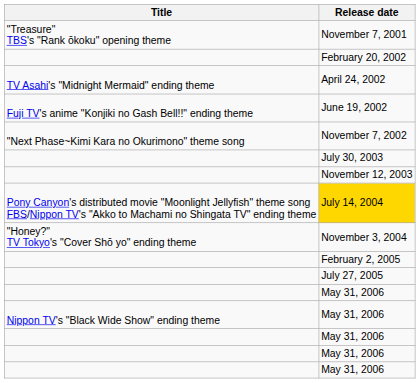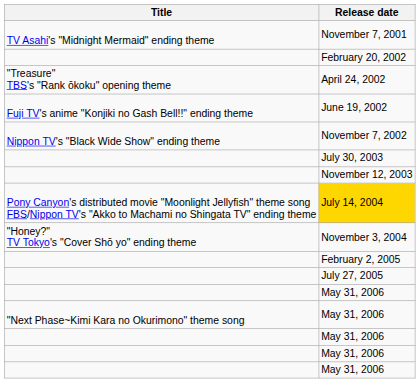 <table class="wikitable">
 <tr>
 <th>Title</th>
 <th>Release date</th>
 </tr>
 <tr>
-<td>"Treasure"<br><a href='#'>TBS</a>'s "Rank ōkoku" opening theme</td>
+<td><br><a href='#'>TV Asahi</a>'s "Midnight Mermaid" ending theme</td>
 <td>November 7, 2001</td>
 </tr>
 <tr>
 <td></td>
 <td>February 20, 2002</td>
 </tr>
 <tr>
-<td><br><a href='#'>TV Asahi</a>'s "Midnight Mermaid" ending theme</td>
+<td>"Treasure"<br><a href='#'>TBS</a>'s "Rank ōkoku" opening theme</td>
 <td>April 24, 2002</td>
 </tr>
 <tr>
 <td><br><a href='#'>Fuji TV</a>'s anime "Konjiki no Gash Bell!!" ending theme</td>
 <td>June 19, 2002</td>
 </tr>
 <tr>
-<td><br>"Next Phase~Kimi Kara no Okurimono" theme song</td>
+<td><br><a href='#'>Nippon TV</a>'s "Black Wide Show" ending theme</td>
 <td>November 7, 2002</td>
 </tr>
 <tr>
 <td></td>
 <td>July 30, 2003</td>
 </tr>
 <tr>
 <td></td>
 <td>November 12, 2003</td>
 </tr>
 <tr>
 <td><br><a href='#'>Pony Canyon</a>'s distributed movie "Moonlight Jellyfish" theme song<br><a href='#'>FBS</a>/<a href='#'>Nippon TV</a>'s "Akko to Machami no Shingata TV" ending theme</td>
 <td style="background: gold;">July 14, 2004</td>
 </tr>
 <tr>
 <td>"Honey?"<br><a href='#'>TV Tokyo</a>'s "Cover Shō yo" ending theme</td>
 <td>November 3, 2004</td>
 </tr>
 <tr>
 <td></td>
 <td>February 2, 2005</td>
 </tr>
 <tr>
 <td></td>
 <td>July 27, 2005</td>
 </tr>
 <tr>
 <td></td>
 <td>May 31, 2006</td>
 </tr>
 <tr>
-<td><br><a href='#'>Nippon TV</a>'s "Black Wide Show" ending theme</td>
+<td><br>"Next Phase~Kimi Kara no Okurimono" theme song</td>
 <td>May 31, 2006</td>
 </tr>
 <tr>
 <td></td>
 <td>May 31, 2006</td>
 </tr>
 <tr>
 <td></td>
 <td>May 31, 2006</td>
 </tr>
 <tr>
 <td></td>
 <td>May 31, 2006</td>
 </tr>
 </table>
